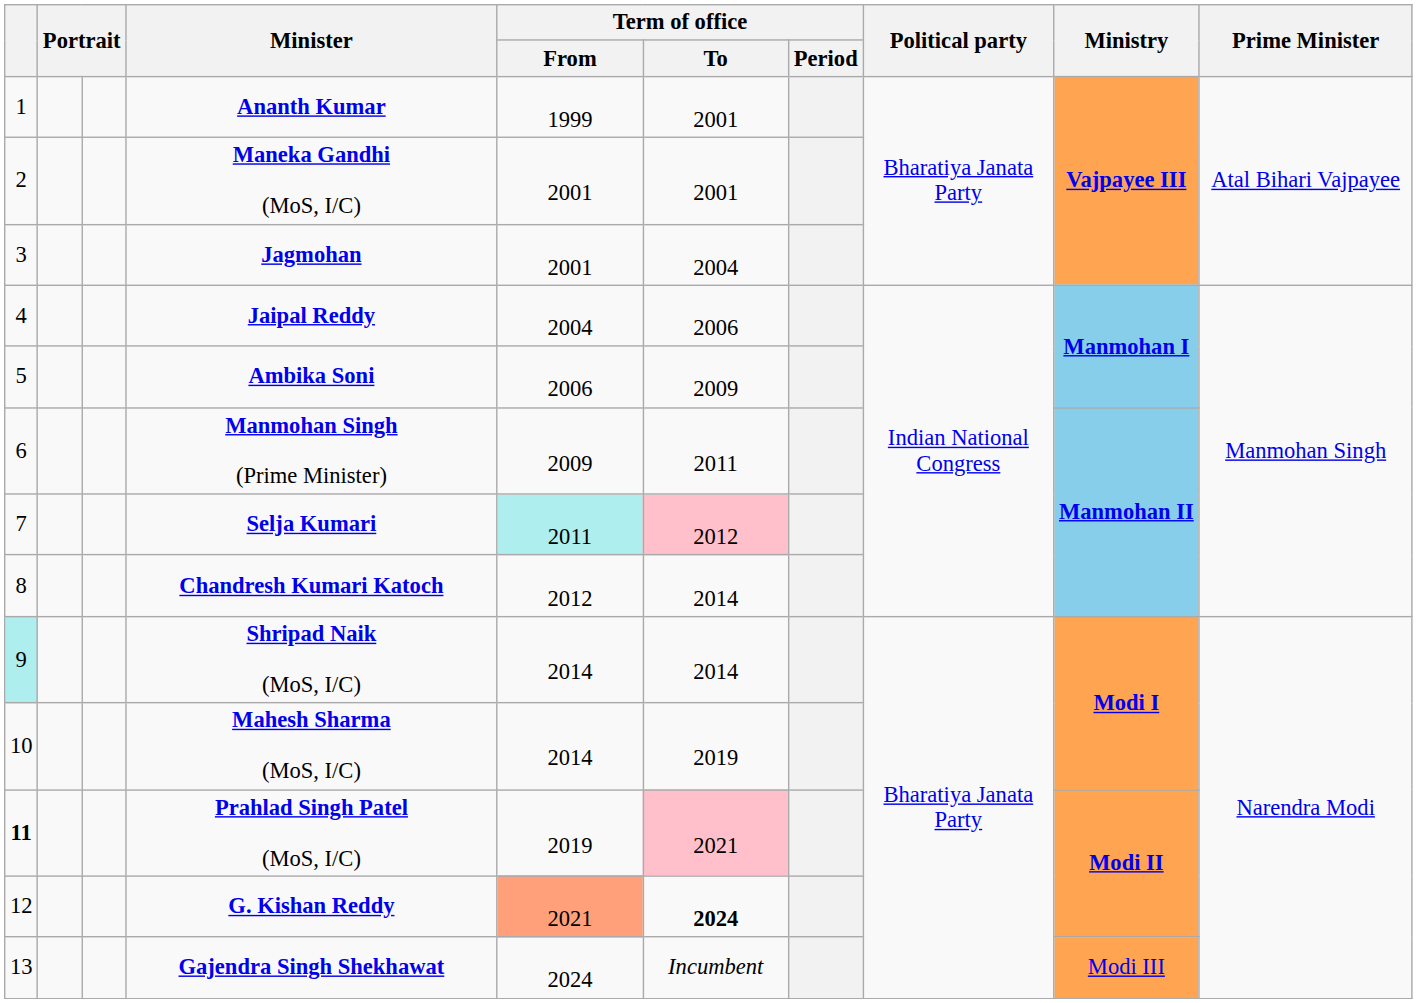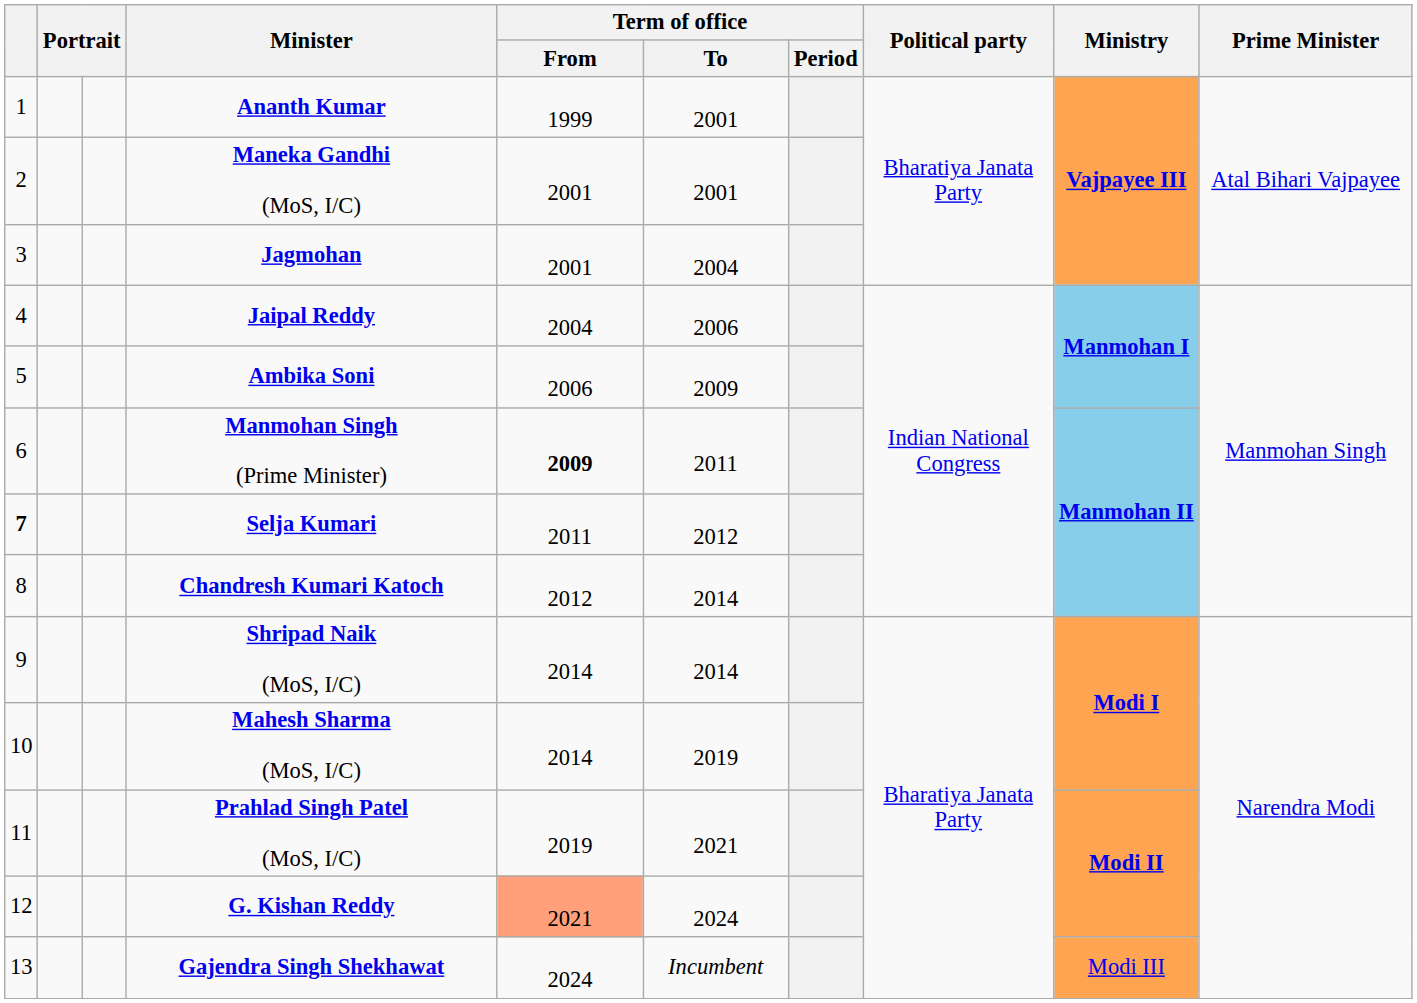 <table class="wikitable" style="text-align:center">
 <tr>
 <th rowspan="2"></th>
 <th rowspan="2" colspan="2">Portrait</th>
 <th rowspan="2" style="width:16em">Minister<br></th>
 <th colspan="3">Term of office</th>
 <th rowspan="2" style="width:8em">Political party</th>
 <th rowspan="2">Ministry</th>
 <th rowspan="2" style="width:9em">Prime Minister</th>
 </tr>
 <tr>
 <th style="width:6em">From</th>
 <th style="width:6em">To</th>
 <th>Period</th>
 </tr>
 <tr>
 <td>1</td>
 <td></td>
 <td></td>
 <td><strong><a href='#'>Ananth Kumar</a></strong><br></td>
 <td><br>1999</td>
 <td><br>2001</td>
 <th></th>
 <td rowspan="3"><a href='#'>Bharatiya Janata Party</a></td>
 <td rowspan="3" style="background:#FFA551;"><strong><a href='#'>Vajpayee III</a></strong></td>
 <td rowspan="3"><a href='#'>Atal Bihari Vajpayee</a></td>
 </tr>
 <tr>
 <td>2</td>
 <td></td>
 <td></td>
 <td><strong><a href='#'>Maneka Gandhi</a></strong><br><br>(MoS, I/C)</td>
 <td><br>2001</td>
 <td><br>2001</td>
 <th></th>
 </tr>
 <tr>
 <td>3</td>
 <td></td>
 <td></td>
 <td><strong><a href='#'>Jagmohan</a></strong><br></td>
 <td><br>2001</td>
 <td><br>2004</td>
 <th></th>
 </tr>
 <tr>
 <td>4</td>
 <td></td>
 <td></td>
 <td><strong><a href='#'>Jaipal Reddy</a></strong><br></td>
 <td><br>2004</td>
 <td><br>2006</td>
 <th></th>
 <td rowspan="5"><a href='#'>Indian National Congress</a></td>
 <td rowspan="2" bgcolor="#87CEEB"><a href='#'><strong>Manmohan I</strong></a></td>
 <td rowspan="5"><a href='#'>Manmohan Singh</a></td>
 </tr>
 <tr>
 <td>5</td>
 <td></td>
 <td></td>
 <td><strong><a href='#'>Ambika Soni</a></strong><br></td>
 <td><br>2006</td>
 <td><br>2009</td>
 <th></th>
 </tr>
 <tr>
 <td>6</td>
 <td></td>
 <td></td>
 <td><strong><a href='#'>Manmohan Singh</a></strong><br><br>(Prime Minister)</td>
-<td><br>2009</td>
+<td><strong><br>2009</strong></td>
 <td><br>2011</td>
 <th></th>
 <td rowspan="3" bgcolor="#87CEEB"><a href='#'><strong>Manmohan II</strong></a></td>
 </tr>
 <tr>
-<td>7</td>
+<td><strong>7</strong></td>
 <td></td>
 <td></td>
 <td><strong><a href='#'>Selja Kumari</a></strong><br></td>
-<td style="background: paleturquoise;"><br>2011</td>
-<td style="background: pink;"><br>2012</td>
+<td><br>2011</td>
+<td><br>2012</td>
 <th></th>
 </tr>
 <tr>
 <td>8</td>
 <td></td>
 <td></td>
 <td><strong><a href='#'>Chandresh Kumari Katoch</a></strong><br></td>
 <td><br>2012</td>
 <td><br>2014</td>
 <th></th>
 </tr>
 <tr>
-<td style="background: paleturquoise;">9</td>
+<td>9</td>
 <td></td>
 <td></td>
 <td><strong><a href='#'>Shripad Naik</a></strong><br><br>(MoS, I/C)</td>
 <td><br>2014</td>
 <td><br>2014</td>
 <th></th>
 <td rowspan="5"><a href='#'>Bharatiya Janata Party</a></td>
 <td rowspan="2" style="background:#FFA551;"><strong><a href='#'>Modi I</a></strong></td>
 <td rowspan="5"><a href='#'>Narendra Modi</a></td>
 </tr>
 <tr>
 <td>10</td>
 <td></td>
 <td></td>
 <td><strong><a href='#'>Mahesh Sharma</a></strong><br><br>(MoS, I/C)</td>
 <td><br>2014</td>
 <td><br>2019</td>
 <th></th>
 </tr>
 <tr>
-<td><strong>11</strong></td>
+<td>11</td>
 <td></td>
 <td></td>
 <td><strong><a href='#'>Prahlad Singh Patel</a></strong><br><br>(MoS, I/C)</td>
 <td><br>2019</td>
-<td style="background: pink;"><br>2021</td>
+<td><br>2021</td>
 <th></th>
 <td rowspan="2" style="background:#FFA551;"><strong><a href='#'>Modi II</a></strong></td>
 </tr>
 <tr>
 <td>12</td>
 <td></td>
 <td></td>
 <td><strong><a href='#'>G. Kishan Reddy</a></strong><br></td>
 <td style="background: lightsalmon;"><br>2021</td>
-<td><strong><br>2024</strong></td>
+<td><br>2024</td>
 <th></th>
 </tr>
 <tr>
 <td>13</td>
 <td></td>
 <td></td>
 <td><strong><a href='#'>Gajendra Singh Shekhawat</a></strong><br></td>
 <td><br>2024</td>
 <td><em>Incumbent</em></td>
 <th><strong></strong></th>
 <td style="background:#FFA551;"><a href='#'>Modi III</a></td>
 </tr>
 <tr>
 </tr>
 </table>
